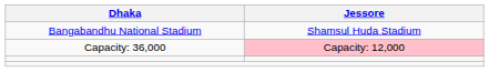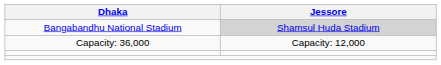 <table class="wikitable" style="text-align:center; margin:1em auto;">
 <tr>
 <th width="33%"><a href='#'>Dhaka</a></th>
 <th width="33%"><a href='#'>Jessore</a></th>
 </tr>
 <tr>
 <td><a href='#'>Bangabandhu National Stadium</a></td>
-<td><a href='#'>Shamsul Huda Stadium</a></td>
+<td style="background: lightgrey;"><a href='#'>Shamsul Huda Stadium</a></td>
 </tr>
 <tr>
 <td>Capacity: 36,000</td>
-<td style="background: pink;">Capacity: 12,000</td>
+<td>Capacity: 12,000</td>
 </tr>
 <tr>
 <td></td>
 <td></td>
 </tr>
 <tr>
 <td colspan=3></td>
 </tr>
 </table>
